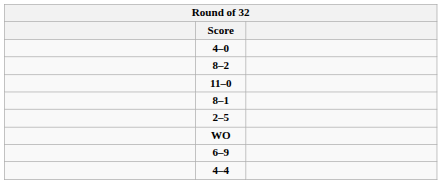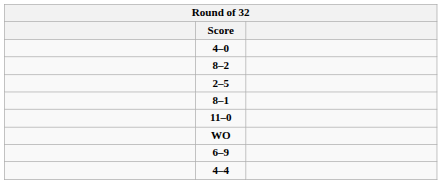 <table class="wikitable" style="text-align: center;">
 <tr>
 <th colspan=3>Round of 32</th>
 </tr>
 <tr>
 <th align="right" width="270"></th>
 <th width="65">Score</th>
 <th align="left" width="270"></th>
 </tr>
 <tr>
 <td align=left><strong></strong></td>
 <td align=center><strong>4–0</strong></td>
 <td align=left></td>
 </tr>
 <tr>
 <td align=left><strong></strong></td>
 <td align=center><strong>8–2</strong></td>
 <td align=left></td>
 </tr>
 <tr>
+<td align=left></td>
+<td align=center><strong>2–5</strong></td>
 <td align=left><strong></strong></td>
-<td align=center><strong>11–0</strong></td>
-<td align=left></td>
 </tr>
 <tr>
 <td align=left><strong></strong></td>
 <td align=center><strong>8–1</strong></td>
 <td align=left></td>
 </tr>
 <tr>
+<td align=left><strong></strong></td>
+<td align=center><strong>11–0</strong></td>
 <td align=left></td>
-<td align=center><strong>2–5</strong></td>
-<td align=left><strong></strong></td>
 </tr>
 <tr>
 <td align=left></td>
 <td align=center><strong>WO</strong></td>
 <td align=left><strong></strong></td>
 </tr>
 <tr>
 <td align=left></td>
 <td align=center><strong>6–9</strong></td>
 <td align=left><strong></strong></td>
 </tr>
 <tr>
 <td align=left></td>
 <td align=center><strong>4–4</strong></td>
 <td align=left><strong></strong></td>
 </tr>
 </table>
